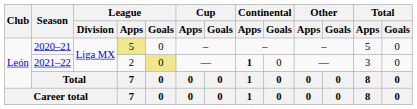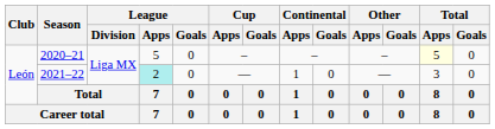 <table class="wikitable" style="text-align: center">
 <tr>
 <th rowspan="2">Club</th>
 <th rowspan="2">Season</th>
 <th colspan="3">League</th>
 <th colspan="2">Cup</th>
 <th colspan="2">Continental</th>
 <th colspan="2">Other</th>
 <th colspan="2">Total</th>
 </tr>
 <tr>
 <th>Division</th>
 <th>Apps</th>
 <th>Goals</th>
 <th>Apps</th>
 <th>Goals</th>
 <th>Apps</th>
 <th>Goals</th>
 <th>Apps</th>
 <th>Goals</th>
 <th>Apps</th>
 <th>Goals</th>
 </tr>
 <tr>
 <td rowspan="3"><a href='#'>León</a></td>
 <td><a href='#'>2020–21</a></td>
 <td rowspan="2"><a href='#'>Liga MX</a></td>
-<td style="background: khaki;">5</td>
+<td>5</td>
 <td>0</td>
 <td colspan="2">–</td>
 <td colspan="2">–</td>
 <td colspan="2">–</td>
-<td>5</td>
+<td style="background: lightyellow;">5</td>
 <td>0</td>
 </tr>
 <tr>
 <td><a href='#'>2021–22</a></td>
-<td>2</td>
-<td style="background: khaki;">0</td>
+<td style="background: paleturquoise;">2</td>
+<td>0</td>
 <td colspan="2">—</td>
-<td><strong>1</strong></td>
+<td>1</td>
 <td>0</td>
 <td colspan="2">—</td>
 <td>3</td>
 <td>0</td>
 </tr>
 <tr>
 <th colspan="2">Total</th>
 <th>7</th>
 <th>0</th>
 <th>0</th>
 <th>0</th>
 <th>1</th>
 <th>0</th>
 <th>0</th>
 <th>0</th>
 <th>8</th>
 <th>0</th>
 </tr>
 <tr>
 <th colspan="3"><strong>Career total</strong></th>
 <th>7</th>
 <th>0</th>
 <th>0</th>
 <th>0</th>
 <th>1</th>
 <th>0</th>
 <th>0</th>
 <th>0</th>
 <th>8</th>
 <th>0</th>
 </tr>
 </table>
